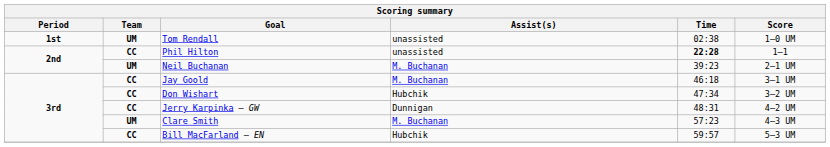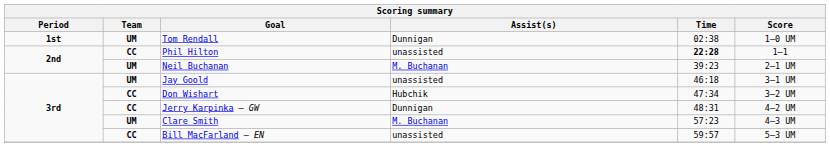 <table style="width:100%;" class="wikitable">
 <tr>
 <th colspan=6>Scoring summary</th>
 </tr>
 <tr>
 <th style="width:12%;">Period</th>
 <th style="width:7%;">Team</th>
 <th style="width:28%;">Goal</th>
 <th style="width:35%;">Assist(s)</th>
 <th style="width:7%;">Time</th>
 <th style="width:11%;">Score</th>
 </tr>
 <tr>
 <td style="text-align:center;" rowspan="1"><strong>1st</strong></td>
 <td align=center><strong>UM</strong></td>
 <td><a href='#'>Tom Rendall</a></td>
-<td>unassisted</td>
+<td>Dunnigan</td>
 <td align=center>02:38</td>
 <td align=center>1–0 UM</td>
 </tr>
 <tr>
 <td style="text-align:center;" rowspan="2"><strong>2nd</strong></td>
 <td align=center><strong>CC</strong></td>
 <td><a href='#'>Phil Hilton</a></td>
 <td>unassisted</td>
 <td align=center><strong>22:28</strong></td>
 <td align=center>1–1</td>
 </tr>
 <tr>
 <td align=center><strong>UM</strong></td>
 <td><a href='#'>Neil Buchanan</a></td>
 <td><a href='#'>M. Buchanan</a></td>
 <td align=center>39:23</td>
 <td align=center>2–1 UM</td>
 </tr>
 <tr>
 <td style="text-align:center;" rowspan="5"><strong>3rd</strong></td>
-<td align=center><strong>CC</strong></td>
+<td align=center><strong>UM</strong></td>
 <td><a href='#'>Jay Goold</a></td>
-<td><a href='#'>M. Buchanan</a></td>
+<td>unassisted</td>
 <td align=center>46:18</td>
 <td align=center>3–1 UM</td>
 </tr>
 <tr>
 <td align=center><strong>CC</strong></td>
 <td><a href='#'>Don Wishart</a></td>
 <td>Hubchik</td>
 <td align=center>47:34</td>
 <td align=center>3–2 UM</td>
 </tr>
 <tr>
 <td align=center><strong>CC</strong></td>
 <td><a href='#'>Jerry Karpinka</a> – <em>GW</em></td>
 <td>Dunnigan</td>
 <td align=center>48:31</td>
 <td align=center>4–2 UM</td>
 </tr>
 <tr>
 <td align=center><strong>UM</strong></td>
 <td><a href='#'>Clare Smith</a></td>
 <td><a href='#'>M. Buchanan</a></td>
 <td align=center>57:23</td>
 <td align=center>4–3 UM</td>
 </tr>
 <tr>
 <td align=center><strong>CC</strong></td>
 <td><a href='#'>Bill MacFarland</a> – <em>EN</em></td>
-<td>Hubchik</td>
+<td>unassisted</td>
 <td align=center>59:57</td>
 <td align=center>5–3 UM</td>
 </tr>
 <tr>
 </tr>
 </table>
